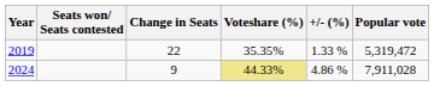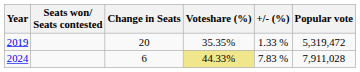 <table class="wikitable sortable">
 <tr>
 <th style="background-color:">Year</th>
 <th style="background-color:">Seats won/<br> Seats contested</th>
 <th style="background-color:">Change in Seats</th>
 <th style="background-color:">Voteshare (%)</th>
 <th style="background-color:">+/- (%)</th>
 <th style="background-color:">Popular vote</th>
 </tr>
 <tr style="text-align:center;">
 <td><a href='#'>2019</a></td>
 <td></td>
-<td>  22</td>
+<td>  20</td>
 <td>35.35%</td>
 <td> 1.33 %</td>
 <td>5,319,472</td>
 </tr>
 <tr style="text-align:center;">
 <td><a href='#'>2024</a></td>
 <td></td>
-<td>  9</td>
+<td>  6</td>
 <td style="background: khaki;">44.33%</td>
-<td> 4.86 %</td>
+<td> 7.83 %</td>
 <td>7,911,028</td>
 </tr>
 </table>
